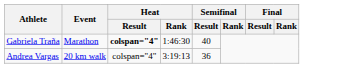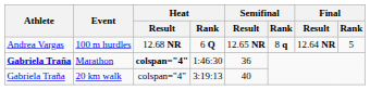 <table class="wikitable" style="font-size:90%">
 <tr>
 <th rowspan="2">Athlete</th>
 <th rowspan="2">Event</th>
 <th colspan="2">Heat</th>
 <th colspan="2">Semifinal</th>
 <th colspan="2">Final</th>
 </tr>
 <tr>
 <th>Result</th>
 <th>Rank</th>
 <th>Result</th>
 <th>Rank</th>
 <th>Result</th>
 <th>Rank</th>
 </tr>
 <tr style=text-align:center>
-<td style=text-align:left><a href='#'>Gabriela Traña</a></td>
+<td style=text-align:left><a href='#'>Andrea Vargas</a></td>
+<td style=text-align:left><a href='#'>100 m hurdles</a></td>
+<td>12.68 <strong>NR</strong></td>
+<td>6 <strong>Q</strong></td>
+<td>12.65 <strong>NR</strong></td>
+<td>8 <strong>q</strong></td>
+<td>12.64 <strong>NR</strong></td>
+<td>5</td>
+</tr>
+<tr style=text-align:center>
+<td style=text-align:left><strong><a href='#'>Gabriela Traña</a></strong></td>
 <td style=text-align:left><a href='#'>Marathon</a></td>
 <td><strong>colspan="4" </strong></td>
 <td>1:46:30</td>
-<td>40</td>
+<td>36</td>
 </tr>
 <tr style=text-align:center>
-<td style=text-align:left><a href='#'>Andrea Vargas</a></td>
+<td style=text-align:left><a href='#'>Gabriela Traña</a></td>
 <td style=text-align:left><a href='#'>20 km walk</a></td>
 <td>colspan="4" </td>
 <td>3:19:13</td>
-<td>36</td>
+<td>40</td>
 </tr>
 </table>
